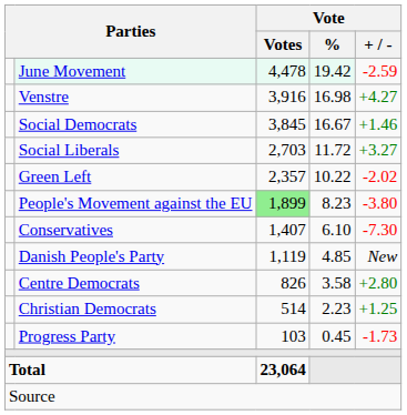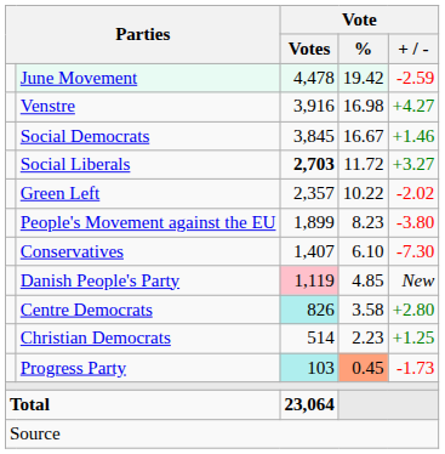 <table class="wikitable" style="text-align:right;">
 <tr>
 <th style="text-align:centre;" rowspan="2" colspan="2" width="225">Parties</th>
 <th colspan="3">Vote</th>
 </tr>
 <tr>
 <th width="15">Votes</th>
 <th width="15">%</th>
 <th width="15">+ / -</th>
 </tr>
 <tr>
 <td width="2" style="color:inherit;background:"></td>
 <td bgcolor=#e8fbf3   align="left"><a href='#'>June Movement</a></td>
 <td bgcolor=#e8fbf3>4,478</td>
 <td bgcolor=#e8fbf3>19.42</td>
 <td style=color:red;>-2.59</td>
 </tr>
 <tr>
 <td width="2" style="color:inherit;background:"></td>
 <td align="left"><a href='#'>Venstre</a></td>
 <td>3,916</td>
 <td>16.98</td>
 <td style=color:green;>+4.27</td>
 </tr>
 <tr>
 <td width="2" style="color:inherit;background:"></td>
 <td align="left"><a href='#'>Social Democrats</a></td>
 <td>3,845</td>
 <td>16.67</td>
 <td style=color:green;>+1.46</td>
 </tr>
 <tr>
 <td width="2" style="color:inherit;background:"></td>
 <td align="left"><a href='#'>Social Liberals</a></td>
-<td>2,703</td>
+<td><strong>2,703</strong></td>
 <td>11.72</td>
 <td style=color:green;>+3.27</td>
 </tr>
 <tr>
 <td width="2" style="color:inherit;background:"></td>
 <td align="left"><a href='#'>Green Left</a></td>
 <td>2,357</td>
 <td>10.22</td>
 <td style=color:red;>-2.02</td>
 </tr>
 <tr>
 <td width="2" style="color:inherit;background:"></td>
 <td align="left"><a href='#'>People's Movement against the EU</a></td>
-<td style="background: lightgreen;">1,899</td>
+<td>1,899</td>
 <td>8.23</td>
 <td style=color:red;>-3.80</td>
 </tr>
 <tr>
 <td width="2" style="color:inherit;background:"></td>
 <td align="left"><a href='#'>Conservatives</a></td>
 <td>1,407</td>
 <td>6.10</td>
 <td style=color:red;>-7.30</td>
 </tr>
 <tr>
 <td width="2" style="color:inherit;background:"></td>
 <td align="left"><a href='#'>Danish People's Party</a></td>
-<td>1,119</td>
+<td style="background: pink;">1,119</td>
 <td>4.85</td>
 <td><em>New</em></td>
 </tr>
 <tr>
 <td width="2" style="color:inherit;background:"></td>
 <td align="left"><a href='#'>Centre Democrats</a></td>
-<td>826</td>
+<td style="background: paleturquoise;">826</td>
 <td>3.58</td>
 <td style=color:green;>+2.80</td>
 </tr>
 <tr>
 <td width="2" style="color:inherit;background:"></td>
 <td align="left"><a href='#'>Christian Democrats</a></td>
 <td>514</td>
 <td>2.23</td>
 <td style=color:green;>+1.25</td>
 </tr>
 <tr>
 <td width="2" style="color:inherit;background:"></td>
 <td align="left"><a href='#'>Progress Party</a></td>
-<td>103</td>
-<td>0.45</td>
+<td style="background: paleturquoise;">103</td>
+<td style="background: lightsalmon;">0.45</td>
 <td style=color:red;>-1.73</td>
 </tr>
 <tr>
 <td colspan="7" bgcolor="#E9E9E9"></td>
 </tr>
 <tr>
 <td align="left" colspan="2"><strong>Total</strong></td>
 <td><strong>23,064</strong></td>
 <td bgcolor="#E9E9E9" colspan="2"></td>
 </tr>
 <tr>
 <td align="left" colspan="6">Source</td>
 </tr>
 </table>
